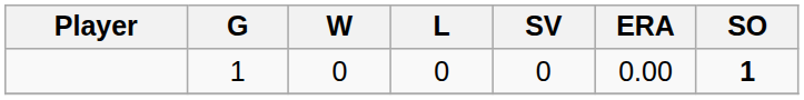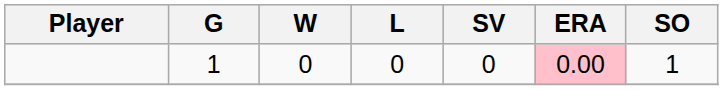 <table class="wikitable sortable">
 <tr>
 <th bgcolor="#DDDDFF" width="16%">Player</th>
 <th bgcolor="#DDDDFF" width="9%">G</th>
 <th bgcolor="#DDDDFF" width="9%">W</th>
 <th bgcolor="#DDDDFF" width="9%">L</th>
 <th bgcolor="#DDDDFF" width="9%">SV</th>
 <th bgcolor="#DDDDFF" width="9%">ERA</th>
 <th bgcolor="#DDDDFF" width="9%">SO</th>
 </tr>
 <tr align="center">
 <td></td>
 <td>1</td>
 <td>0</td>
 <td>0</td>
 <td>0</td>
-<td>0.00</td>
-<td><strong>1</strong></td>
+<td style="background: pink;">0.00</td>
+<td>1</td>
 </tr>
 <tr align="center">
 </tr>
 </table>
